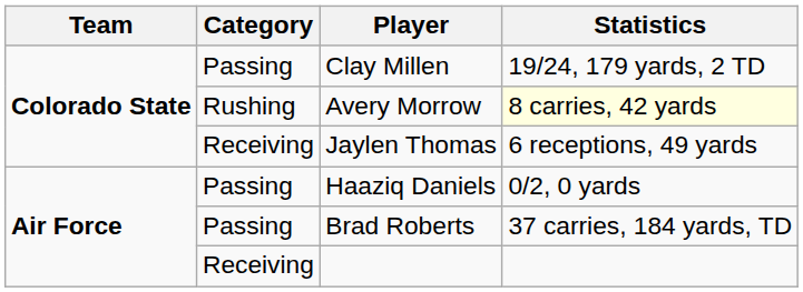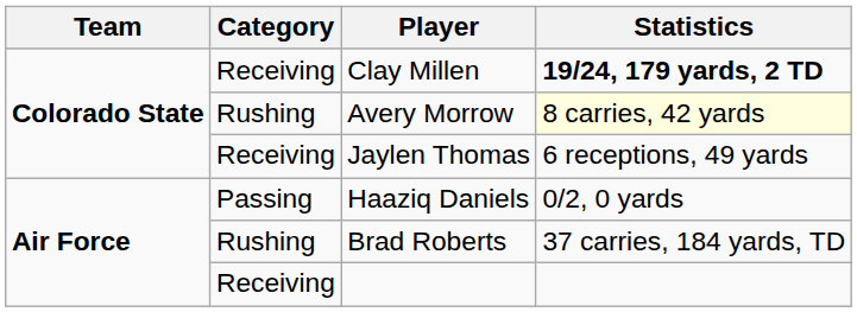 <table class="wikitable" style="float: left;">
 <tr>
 <th>Team</th>
 <th>Category</th>
 <th>Player</th>
 <th>Statistics</th>
 </tr>
 <tr>
 <td rowspan=3><strong>Colorado State</strong></td>
-<td>Passing</td>
+<td>Receiving</td>
 <td>Clay Millen</td>
-<td>19/24, 179 yards, 2 TD</td>
+<td><strong>19/24, 179 yards, 2 TD</strong></td>
 </tr>
 <tr>
 <td>Rushing</td>
 <td>Avery Morrow</td>
 <td style="background: lightyellow;">8 carries, 42 yards</td>
 </tr>
 <tr>
 <td>Receiving</td>
 <td>Jaylen Thomas</td>
 <td>6 receptions, 49 yards</td>
 </tr>
 <tr>
 <td rowspan=3><strong>Air Force</strong></td>
 <td>Passing</td>
 <td>Haaziq Daniels</td>
 <td>0/2, 0 yards</td>
 </tr>
 <tr>
-<td>Passing</td>
+<td>Rushing</td>
 <td>Brad Roberts</td>
 <td>37 carries, 184 yards, TD</td>
 </tr>
 <tr>
 <td>Receiving</td>
 <td></td>
 <td></td>
 </tr>
 </table>
